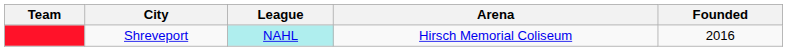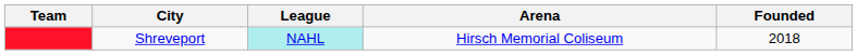 <table class="wikitable sortable" width="60%">
 <tr>
 <th>Team</th>
 <th>City</th>
 <th>League</th>
 <th>Arena</th>
 <th>Founded</th>
 </tr>
 <tr align=center>
 <td style="color:white; background:#ff1229; "><strong><a href='#'></a></strong></td>
 <td><a href='#'>Shreveport</a></td>
 <td style="background: paleturquoise;"><a href='#'>NAHL</a></td>
 <td><a href='#'>Hirsch Memorial Coliseum</a></td>
-<td>2016</td>
+<td>2018</td>
 </tr>
 </table>
